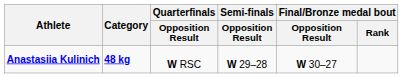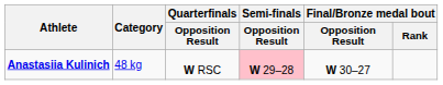 <table class="wikitable" style="text-align:center; font-size:90%">
 <tr>
 <th rowspan=2>Athlete</th>
 <th rowspan=2>Category</th>
 <th>Quarterfinals</th>
 <th>Semi-finals</th>
 <th colspan=2>Final/Bronze medal bout</th>
 </tr>
 <tr style="font-size:95%">
 <th>Opposition<br>Result</th>
 <th>Opposition<br>Result</th>
 <th>Opposition<br>Result</th>
 <th>Rank</th>
 </tr>
 <tr>
 <td align=left><strong><a href='#'>Anastasiia Kulinich</a></strong></td>
-<td align=left><strong><a href='#'>48 kg</a></strong></td>
+<td align=left><a href='#'>48 kg</a></td>
 <td><br> <strong>W</strong> RSC</td>
-<td><br> <strong>W</strong> 29–28</td>
+<td style="background: pink;"><br> <strong>W</strong> 29–28</td>
 <td><br> <strong>W</strong> 30–27</td>
 <td></td>
 </tr>
 </table>
